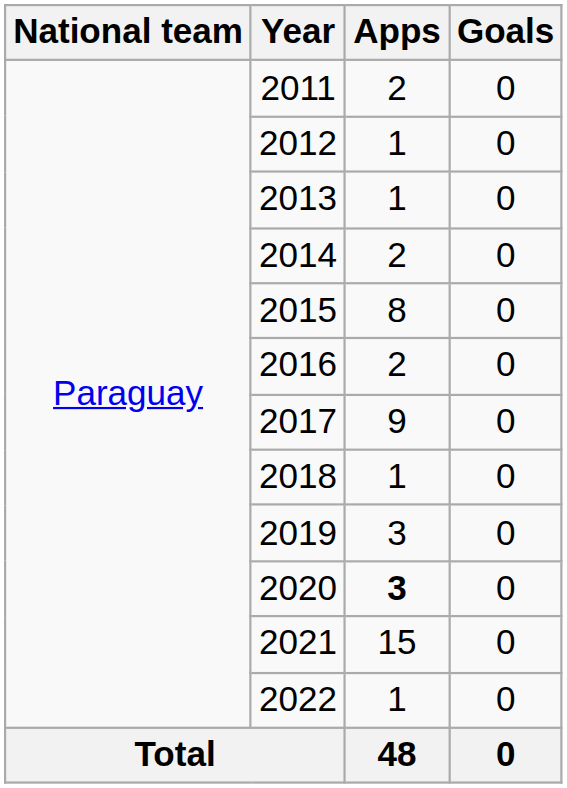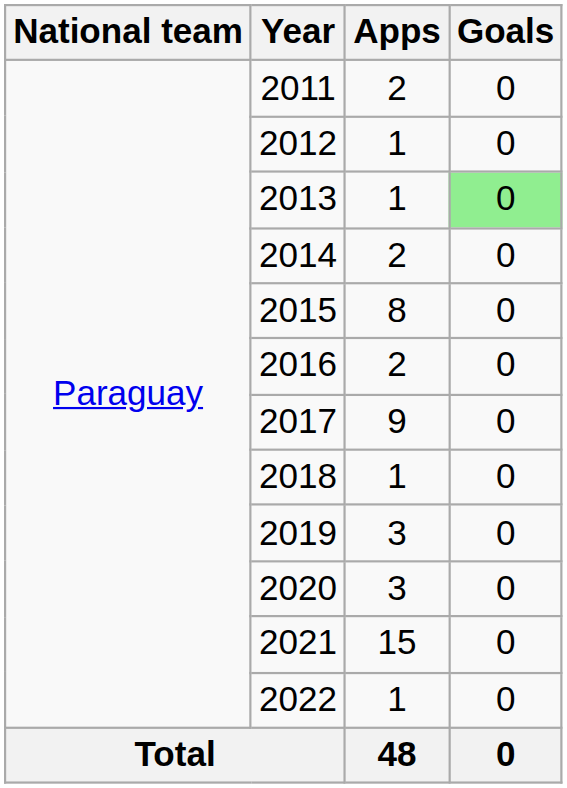 <table class="wikitable" style="text-align:center">
 <tr>
 <th>National team</th>
 <th>Year</th>
 <th width="40">Apps</th>
 <th width="40">Goals</th>
 </tr>
 <tr>
 <td rowspan="12"><a href='#'>Paraguay</a></td>
 <td>2011</td>
 <td>2</td>
 <td>0</td>
 </tr>
 <tr>
 <td>2012</td>
 <td>1</td>
 <td>0</td>
 </tr>
 <tr>
 <td>2013</td>
 <td>1</td>
-<td>0</td>
+<td style="background: lightgreen;">0</td>
 </tr>
 <tr>
 <td>2014</td>
 <td>2</td>
 <td>0</td>
 </tr>
 <tr>
 <td>2015</td>
 <td>8</td>
 <td>0</td>
 </tr>
 <tr>
 <td>2016</td>
 <td>2</td>
 <td>0</td>
 </tr>
 <tr>
 <td>2017</td>
 <td>9</td>
 <td>0</td>
 </tr>
 <tr>
 <td>2018</td>
 <td>1</td>
 <td>0</td>
 </tr>
 <tr>
 <td>2019</td>
 <td>3</td>
 <td>0</td>
 </tr>
 <tr>
 <td>2020</td>
-<td><strong>3</strong></td>
+<td>3</td>
 <td>0</td>
 </tr>
 <tr>
 <td>2021</td>
 <td>15</td>
 <td>0</td>
 </tr>
 <tr>
 <td>2022</td>
 <td>1</td>
 <td>0</td>
 </tr>
 <tr>
 <th colspan="2">Total</th>
 <th>48</th>
 <th>0</th>
 </tr>
 </table>
